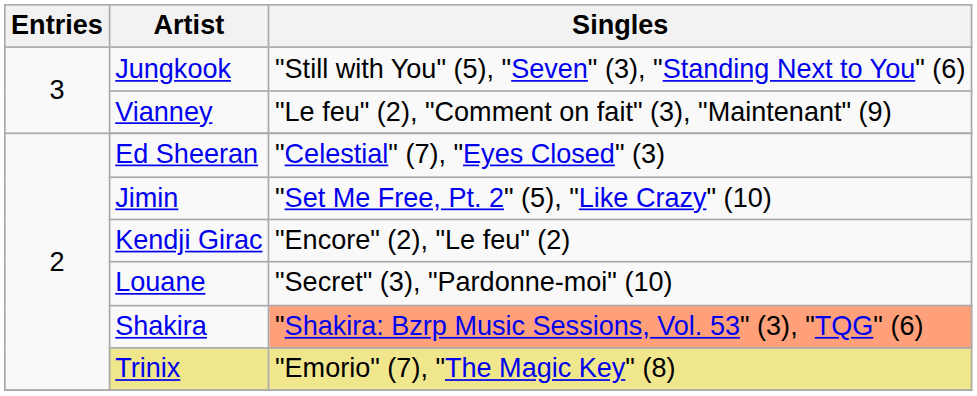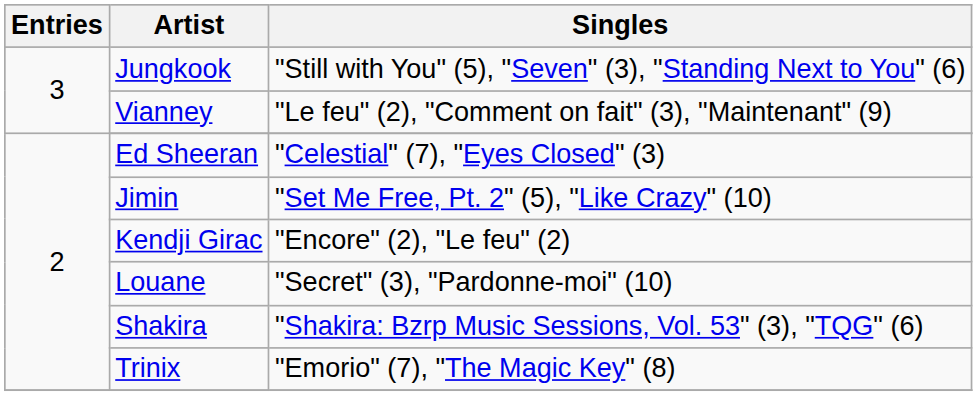 <table class="wikitable sortable">
 <tr>
 <th>Entries</th>
 <th>Artist</th>
 <th>Singles</th>
 </tr>
 <tr>
 <td rowspan="2" style="text-align: center;">3</td>
 <td><a href='#'>Jungkook</a></td>
 <td>"Still with You" (5), "<a href='#'>Seven</a>" (3), "<a href='#'>Standing Next to You</a>" (6)</td>
 </tr>
 <tr>
 <td><a href='#'>Vianney</a></td>
 <td>"Le feu" (2), "Comment on fait" (3), "Maintenant" (9)</td>
 </tr>
 <tr>
 <td rowspan="7" style="text-align: center;">2</td>
 </tr>
 <tr>
 <td><a href='#'>Ed Sheeran</a></td>
 <td>"<a href='#'>Celestial</a>" (7), "<a href='#'>Eyes Closed</a>" (3)</td>
 </tr>
 <tr>
 <td><a href='#'>Jimin</a></td>
 <td>"<a href='#'>Set Me Free, Pt. 2</a>" (5), "<a href='#'>Like Crazy</a>" (10)</td>
 </tr>
 <tr>
 <td><a href='#'>Kendji Girac</a></td>
 <td>"Encore" (2), "Le feu" (2)</td>
 </tr>
 <tr>
 <td><a href='#'>Louane</a></td>
 <td>"Secret" (3), "Pardonne-moi" (10)</td>
 </tr>
 <tr>
 <td><a href='#'>Shakira</a></td>
-<td style="background: lightsalmon;">"<a href='#'>Shakira: Bzrp Music Sessions, Vol. 53</a>" (3), "<a href='#'>TQG</a>" (6)</td>
+<td>"<a href='#'>Shakira: Bzrp Music Sessions, Vol. 53</a>" (3), "<a href='#'>TQG</a>" (6)</td>
 </tr>
 <tr>
-<td style="background: khaki;"><a href='#'>Trinix</a></td>
-<td style="background: khaki;">"Emorio" (7), "<a href='#'>The Magic Key</a>" (8)</td>
+<td><a href='#'>Trinix</a></td>
+<td>"Emorio" (7), "<a href='#'>The Magic Key</a>" (8)</td>
 </tr>
 <tr>
 </tr>
 </table>
